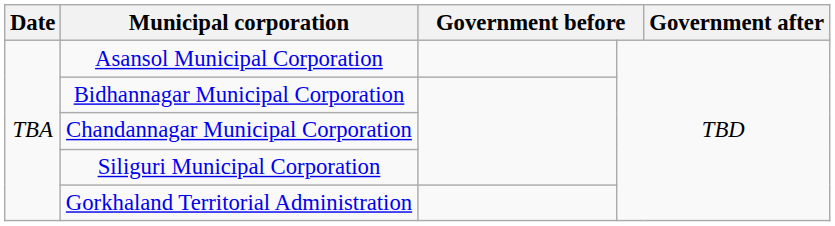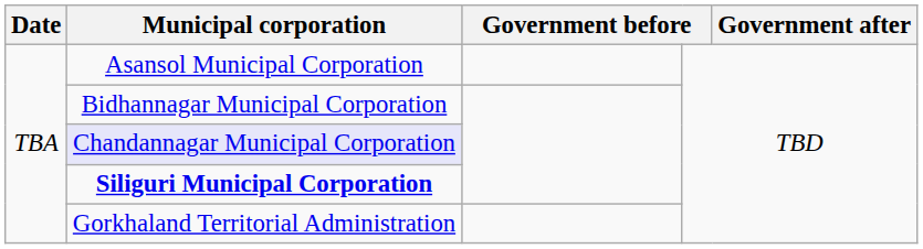 <table class="wikitable sortable"style="text-align:center;">
 <tr>
 <th>Date</th>
 <th>Municipal corporation</th>
 <th colspan="2">Government before</th>
 <th colspan="2">Government after</th>
 </tr>
 <tr>
 <td rowspan=5><em>TBA</em></td>
 <td><a href='#'>Asansol Municipal Corporation</a></td>
 <td></td>
 <td colspan="2" rowspan=5><em>TBD</em></td>
 </tr>
 <tr>
 <td><a href='#'>Bidhannagar Municipal Corporation</a></td>
 </tr>
 <tr>
-<td><a href='#'>Chandannagar Municipal Corporation</a></td>
+<td style="background: lavender;"><a href='#'>Chandannagar Municipal Corporation</a></td>
 </tr>
 <tr>
-<td><a href='#'>Siliguri Municipal Corporation</a></td>
+<td><strong><a href='#'>Siliguri Municipal Corporation</a></strong></td>
 </tr>
 <tr>
 <td><a href='#'>Gorkhaland Territorial Administration</a></td>
 <td></td>
 </tr>
 </table>
